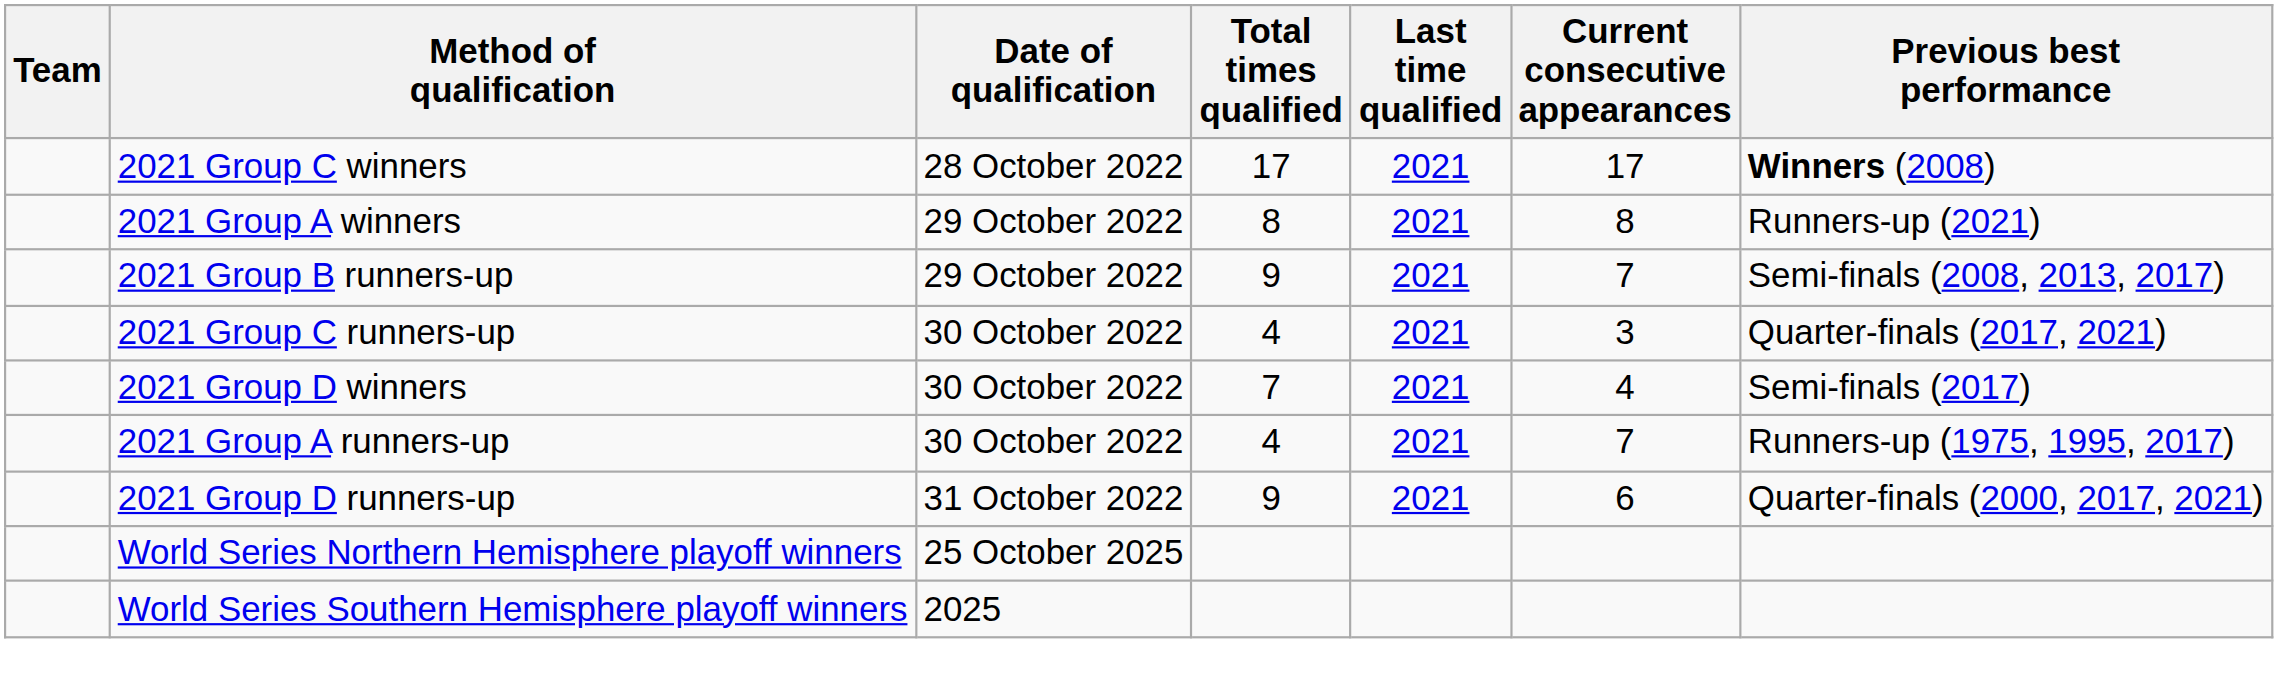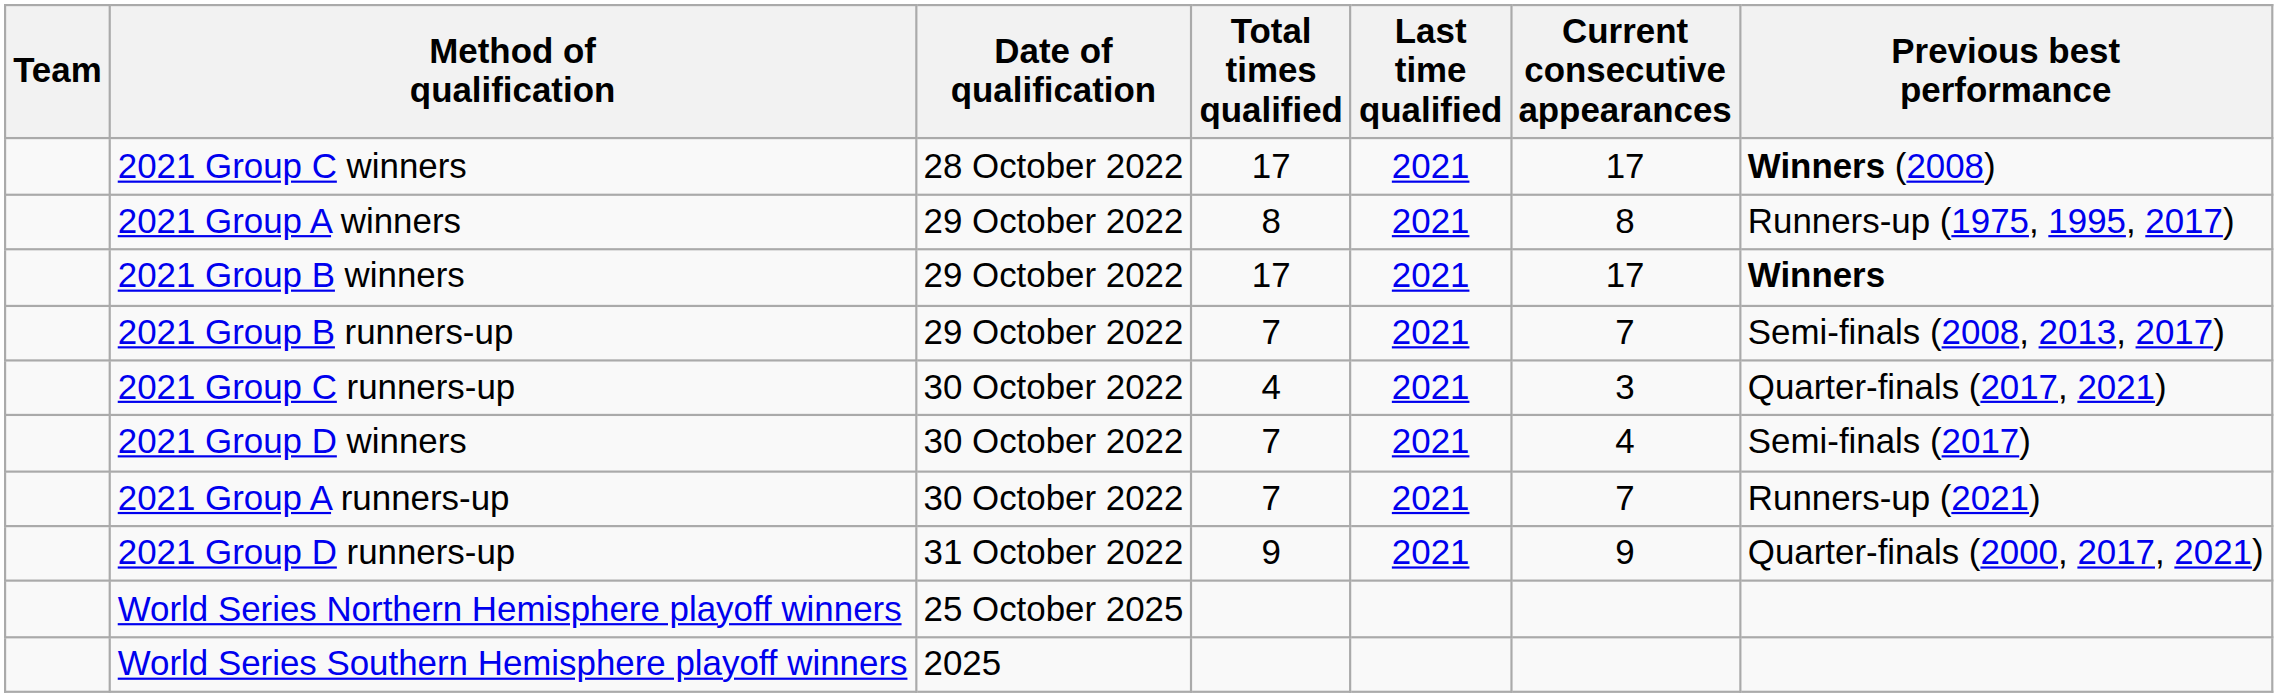 <table class="wikitable sortable">
 <tr>
 <th>Team</th>
 <th data-sort-type="text">Method of<br>qualification</th>
 <th data-sort-type="date">Date of<br>qualification</th>
 <th>Total<br>times<br>qualified</th>
 <th>Last<br>time<br>qualified</th>
 <th>Current<br>consecutive<br>appearances</th>
 <th data-sort-type="number">Previous best<br>performance</th>
 </tr>
 <tr>
 <td></td>
 <td data-sort-value="rlwc.c"><a href='#'>2021 Group C</a> winners</td>
 <td>28 October 2022</td>
 <td style="text-align:center;">17</td>
 <td style="text-align:center;"><a href='#'>2021</a></td>
 <td style="text-align:center;">17</td>
 <td><strong>Winners</strong> (<a href='#'>2008</a>)</td>
 </tr>
 <tr>
 <td></td>
 <td data-sort-value="rlwc.a"><a href='#'>2021 Group A</a> winners</td>
 <td>29 October 2022</td>
 <td style="text-align:center;">8</td>
 <td style="text-align:center;"><a href='#'>2021</a></td>
 <td style="text-align:center;">8</td>
-<td>Runners-up (<a href='#'>2021</a>)</td>
+<td>Runners-up (<a href='#'>1975</a>, <a href='#'>1995</a>, <a href='#'>2017</a>)</td>
+</tr>
+<tr>
+<td></td>
+<td data-sort-value="rlwc.b"><a href='#'>2021 Group B</a> winners</td>
+<td>29 October 2022</td>
+<td style="text-align:center;">17</td>
+<td style="text-align:center;"><a href='#'>2021</a></td>
+<td style="text-align:center;">17</td>
+<td><strong>Winners</strong> </td>
 </tr>
 <tr>
 <td></td>
 <td data-sort-value="rlwc.f"><a href='#'>2021 Group B</a> runners-up</td>
 <td>29 October 2022</td>
-<td style="text-align:center;">9</td>
+<td style="text-align:center;">7</td>
 <td style="text-align:center;"><a href='#'>2021</a></td>
 <td style="text-align:center;">7</td>
 <td>Semi-finals (<a href='#'>2008</a>, <a href='#'>2013</a>, <a href='#'>2017</a>)</td>
 </tr>
 <tr>
 <td></td>
 <td data-sort-value="rlwc.g"><a href='#'>2021 Group C</a> runners-up</td>
 <td>30 October 2022</td>
 <td style="text-align:center;">4</td>
 <td style="text-align:center;"><a href='#'>2021</a></td>
 <td style="text-align:center;">3</td>
 <td>Quarter-finals (<a href='#'>2017</a>, <a href='#'>2021</a>)</td>
 </tr>
 <tr>
 <td></td>
 <td data-sort-value="rlwc.d"><a href='#'>2021 Group D</a> winners</td>
 <td>30 October 2022</td>
 <td style="text-align:center;">7</td>
 <td style="text-align:center;"><a href='#'>2021</a></td>
 <td style="text-align:center;">4</td>
 <td>Semi-finals (<a href='#'>2017</a>)</td>
 </tr>
 <tr>
 <td></td>
 <td data-sort-value="rlwc.e"><a href='#'>2021 Group A</a> runners-up</td>
 <td>30 October 2022</td>
-<td style="text-align:center;">4</td>
+<td style="text-align:center;">7</td>
 <td style="text-align:center;"><a href='#'>2021</a></td>
 <td style="text-align:center;">7</td>
-<td>Runners-up (<a href='#'>1975</a>, <a href='#'>1995</a>, <a href='#'>2017</a>)</td>
+<td>Runners-up (<a href='#'>2021</a>)</td>
 </tr>
 <tr>
 <td></td>
 <td data-sort-value="rlwc.h"><a href='#'>2021 Group D</a> runners-up</td>
 <td>31 October 2022</td>
 <td style="text-align:center;">9</td>
 <td style="text-align:center;"><a href='#'>2021</a></td>
-<td style="text-align:center;">6</td>
+<td style="text-align:center;">9</td>
 <td>Quarter-finals (<a href='#'>2000</a>, <a href='#'>2017</a>, <a href='#'>2021</a>)</td>
 </tr>
 <tr>
 <td></td>
 <td><a href='#'>World Series Northern Hemisphere playoff winners</a></td>
 <td>25 October 2025</td>
 <td style="text-align:center;"></td>
 <td style="text-align:center;"></td>
 <td style="text-align:center;"></td>
 <td></td>
 </tr>
 <tr>
 <td></td>
 <td><a href='#'>World Series Southern Hemisphere playoff winners</a></td>
 <td>2025</td>
 <td style="text-align:center;"></td>
 <td style="text-align:center;"></td>
 <td style="text-align:center;"></td>
 <td></td>
 </tr>
 </table>
